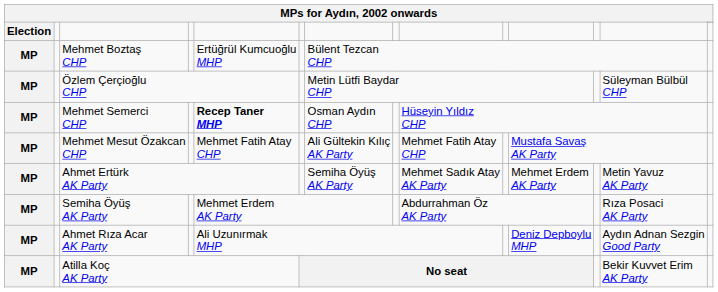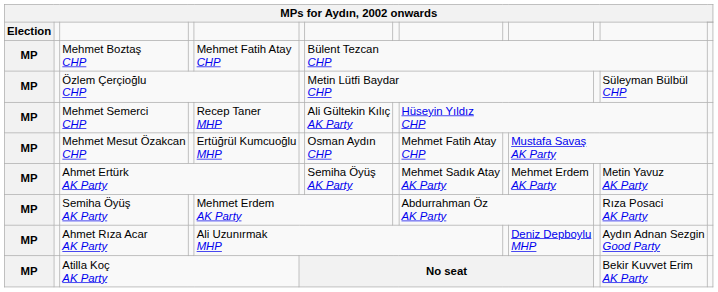 <table class="wikitable">
 <tr>
 <th colspan = 14>MPs for Aydın, 2002 onwards</th>
 </tr>
 <tr>
 <th rowspan = 2>Election</th>
 <td rowspan="2" style="width:1px;"></td>
 <td rowspan = 2></td>
 <td rowspan="2" style="width:1px;"></td>
 <td rowspan = 2></td>
 <td rowspan="2" style="width:1px;"></td>
 <td rowspan = 2></td>
 <td rowspan="2" style="width:1px;"></td>
 <td rowspan = 2></td>
 <td rowspan="2" style="width:1px;"></td>
 <td rowspan = 2></td>
 <td rowspan="2" style="width:1px;"></td>
 <td rowspan = 2></td>
 </tr>
 <tr>
 <td></td>
 </tr>
 <tr>
 <th>MP</th>
 <td width=1px style="background-color: "></td>
 <td colspan = 1>Mehmet Boztaş<br><em><a href='#'>CHP</a></em></td>
 <td width=1px style="background-color: "></td>
-<td colspan = 1>Ertüğrül Kumcuoğlu<br><em><a href='#'>MHP</a></em></td>
+<td colspan = 1>Mehmet Fatih Atay<br><em><a href='#'>CHP</a></em></td>
 <td width=1px style="background-color: "></td>
 <td colspan = 7>Bülent Tezcan<br><em><a href='#'>CHP</a></em></td>
 <td width=1px style="background-color: "></td>
 </tr>
 <tr>
 <th>MP</th>
 <td width=1px style="background-color: "></td>
 <td colspan = 3>Özlem Çerçioğlu<br><em><a href='#'>CHP</a></em></td>
 <td width=1px style="background-color: "></td>
 <td colspan = 5>Metin Lütfi Baydar<br><em><a href='#'>CHP</a></em></td>
 <td width=1px style="background-color: "></td>
 <td colspan = 1>Süleyman Bülbül<br><em><a href='#'>CHP</a></em></td>
 <td width=1px style="background-color: "></td>
 </tr>
 <tr>
 <th>MP</th>
 <td width=1px style="background-color: "></td>
 <td colspan = 1>Mehmet Semerci<br><em><a href='#'>CHP</a></em></td>
 <td width=1px style="background-color: "></td>
-<td colspan = 1><strong>Recep Taner<br><em><a href='#'>MHP</a></em></strong></td>
+<td colspan = 1>Recep Taner<br><em><a href='#'>MHP</a></em></td>
 <td width=1px style="background-color: "></td>
-<td colspan = 1>Osman Aydın<br><em><a href='#'>CHP</a></em></td>
+<td colspan = 1>Ali Gültekin Kılıç<br><em><a href='#'>AK Party</a></em></td>
 <td width=1px style="background-color: "></td>
 <td colspan = 5><a href='#'>Hüseyin Yıldız</a><br><em><a href='#'>CHP</a></em></td>
 <td width=1px style="background-color: "></td>
 </tr>
 <tr>
 <th>MP</th>
 <td width=1px style="background-color: "></td>
 <td colspan = 1>Mehmet Mesut Özakcan<br><em><a href='#'>CHP</a></em></td>
 <td width=1px style="background-color: "></td>
-<td colspan = 1>Mehmet Fatih Atay<br><em><a href='#'>CHP</a></em></td>
+<td colspan = 1>Ertüğrül Kumcuoğlu<br><em><a href='#'>MHP</a></em></td>
 <td width=1px style="background-color: "></td>
-<td colspan = 1>Ali Gültekin Kılıç<br><em><a href='#'>AK Party</a></em></td>
+<td colspan = 1>Osman Aydın<br><em><a href='#'>CHP</a></em></td>
 <td width=1px style="background-color: "></td>
 <td colspan = 1>Mehmet Fatih Atay<br><em><a href='#'>CHP</a></em></td>
 <td width=1px style="background-color: "></td>
 <td colspan = 3><a href='#'>Mustafa Savaş</a><br><em><a href='#'>AK Party</a></em></td>
 <td width=1px style="background-color: "></td>
 </tr>
 <tr>
 <th>MP</th>
 <td width=1px style="background-color: "></td>
 <td colspan = 3>Ahmet Ertürk<br><em><a href='#'>AK Party</a></em></td>
 <td width=1px style="background-color: "></td>
 <td colspan = 1>Semiha Öyüş<br><em><a href='#'>AK Party</a></em></td>
 <td width=1px style="background-color: "></td>
 <td colspan = 1>Mehmet Sadık Atay<br><em><a href='#'>AK Party</a></em></td>
 <td width=1px style="background-color: "></td>
 <td colspan = 1>Mehmet Erdem<br><em><a href='#'>AK Party</a></em></td>
 <td width=1px style="background-color: "></td>
 <td colspan = 1>Metin Yavuz<br><em><a href='#'>AK Party</a></em></td>
 <td width=1px style="background-color: "></td>
 </tr>
 <tr>
 <th>MP</th>
 <td width=1px style="background-color: "></td>
 <td colspan = 1>Semiha Öyüş<br><em><a href='#'>AK Party</a></em></td>
 <td width=1px style="background-color: "></td>
 <td colspan = 3>Mehmet Erdem<br><em><a href='#'>AK Party</a></em></td>
 <td width=1px style="background-color: "></td>
 <td colspan = 3>Abdurrahman Öz<br><em><a href='#'>AK Party</a></em></td>
 <td width=1px style="background-color: "></td>
 <td colspan = 1>Rıza Posaci<br><em><a href='#'>AK Party</a></em></td>
 <td width=1px style="background-color: "></td>
 </tr>
 <tr>
 <th>MP</th>
 <td width=1px style="background-color: "></td>
 <td colspan = 1>Ahmet Rıza Acar<br><em><a href='#'>AK Party</a></em></td>
 <td width=1px style="background-color: "></td>
 <td colspan = 5>Ali Uzunırmak<br><em><a href='#'>MHP</a></em></td>
 <td width=1px style="background-color: "></td>
 <td colspan = 1><a href='#'>Deniz Depboylu</a><br><em><a href='#'>MHP</a></em></td>
 <td width=1px style="background-color: "></td>
 <td colspan = 1>Aydın Adnan Sezgin<br><em><a href='#'>Good Party</a></em></td>
 <td width=1px style="background-color: "></td>
 </tr>
 <tr>
 <th>MP</th>
 <td width=1px style="background-color: "></td>
 <td colspan = 3>Atilla Koç<br><em><a href='#'>AK Party</a></em></td>
 <th colspan = 6>No seat</th>
 <td width=1px style="background-color: "></td>
 <td colspan = 1>Bekir Kuvvet Erim<br><em><a href='#'>AK Party</a></em></td>
 <td width=1px style="background-color: "></td>
 </tr>
 </table>
